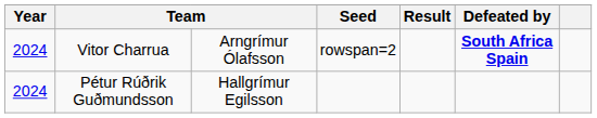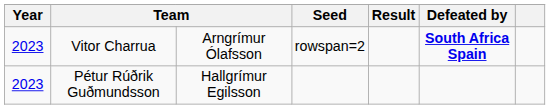 <table class="wikitable" style="text-align: center;">
 <tr style= "background: #e2e2e2;">
 </tr>
 <tr style="background: #efefef;">
 <th width=50px>Year</th>
 <th colspan="2">Team</th>
 <th width=50px>Seed</th>
 <th width=50px>Result</th>
 <th width=120px>Defeated by</th>
 <th width=40px></th>
 </tr>
 <tr>
-<td><a href='#'>2024</a></td>
+<td><a href='#'>2023</a></td>
 <td width=150px>Vitor Charrua</td>
 <td>Arngrímur Ólafsson</td>
 <td>rowspan=2 </td>
 <td></td>
 <td><strong> <a href='#'>South Africa</a><br> <a href='#'>Spain</a></strong></td>
 <td></td>
 </tr>
 <tr>
-<td><a href='#'>2024</a></td>
+<td><a href='#'>2023</a></td>
 <td>Pétur Rúðrik Guðmundsson</td>
 <td width=150px>Hallgrímur Egilsson</td>
 <td></td>
 <td> </td>
 <td></td>
 </tr>
 </table>
